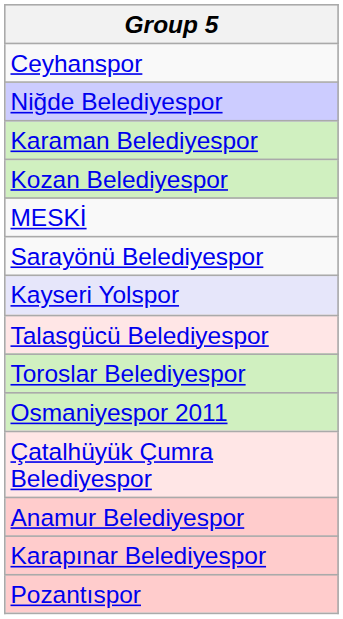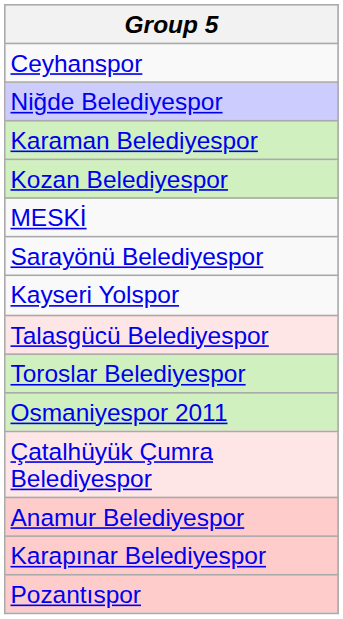 <table class="wikitable collapsible collapsed" style="font-size:95%;">
 <tr>
 <th colspan="1" width="200"><em>Group 5</em></th>
 </tr>
 <tr>
 <td><a href='#'>Ceyhanspor</a></td>
 </tr>
 <tr>
 <td style="background:#ccccff;"><a href='#'>Niğde Belediyespor</a></td>
 </tr>
 <tr>
 <td style="background:#D0F0C0;"><a href='#'>Karaman Belediyespor</a></td>
 </tr>
 <tr>
 <td style="background:#D0F0C0;"><a href='#'>Kozan Belediyespor</a></td>
 </tr>
 <tr>
 <td><a href='#'>MESKİ</a></td>
 </tr>
 <tr>
 <td><a href='#'>Sarayönü Belediyespor</a></td>
 </tr>
 <tr>
-<td style="background: lavender;"><a href='#'>Kayseri Yolspor</a></td>
+<td><a href='#'>Kayseri Yolspor</a></td>
 </tr>
 <tr>
 <td style="background:#FFE6E6;"><a href='#'>Talasgücü Belediyespor</a></td>
 </tr>
 <tr>
 <td style="background:#D0F0C0;"><a href='#'>Toroslar Belediyespor</a></td>
 </tr>
 <tr>
 <td style="background:#D0F0C0;"><a href='#'>Osmaniyespor 2011</a></td>
 </tr>
 <tr>
 <td style="background:#FFE6E6;"><a href='#'>Çatalhüyük Çumra Belediyespor</a></td>
 </tr>
 <tr>
 <td style="background:#fcc;"><a href='#'>Anamur Belediyespor</a></td>
 </tr>
 <tr>
 <td style="background:#fcc;"><a href='#'>Karapınar Belediyespor</a></td>
 </tr>
 <tr>
 <td style="background:#fcc;"><a href='#'>Pozantıspor</a></td>
 </tr>
 </table>
